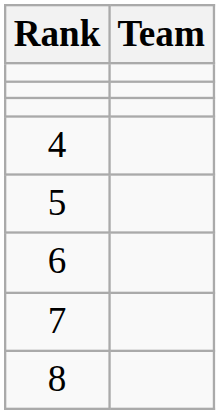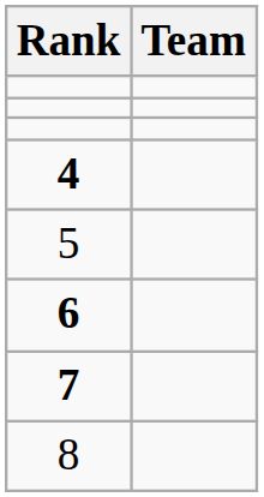 <table class=wikitable style="text-align:center">
 <tr>
 <th>Rank</th>
 <th>Team</th>
 </tr>
 <tr>
 <td></td>
 <td align=left></td>
 </tr>
 <tr>
 <td></td>
 <td align=left></td>
 </tr>
 <tr>
 <td></td>
 <td align=left></td>
 </tr>
 <tr>
-<td>4</td>
+<td><strong>4</strong></td>
 <td align=left></td>
 </tr>
 <tr>
 <td>5</td>
 <td align=left></td>
 </tr>
 <tr>
-<td>6</td>
+<td><strong>6</strong></td>
 <td align=left></td>
 </tr>
 <tr>
-<td>7</td>
+<td><strong>7</strong></td>
 <td align=left></td>
 </tr>
 <tr>
 <td>8</td>
 <td align=left></td>
 </tr>
 </table>
